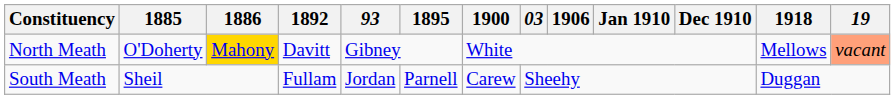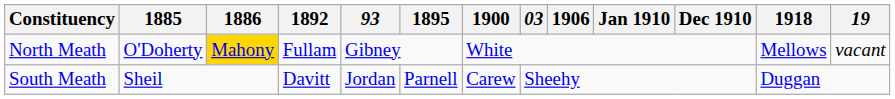 <table class="wikitable">
 <tr>
 <th>Constituency</th>
 <th>1885</th>
 <th>1886</th>
 <th>1892</th>
 <th><em>93</em></th>
 <th>1895</th>
 <th>1900</th>
 <th><em>03</em></th>
 <th>1906</th>
 <th>Jan 1910</th>
 <th>Dec 1910</th>
 <th>1918</th>
 <th><em>19</em></th>
 </tr>
 <tr>
 <td><a href='#'>North Meath</a></td>
 <td><a href='#'>O'Doherty</a></td>
 <td style="background: gold;"><a href='#'>Mahony</a></td>
-<td><a href='#'>Davitt</a></td>
+<td><a href='#'>Fullam</a></td>
 <td colspan="2"><a href='#'>Gibney</a></td>
 <td colspan="5"><a href='#'>White</a></td>
 <td><a href='#'>Mellows</a></td>
-<td style="background: lightsalmon;"><em>vacant</em></td>
+<td><em>vacant</em></td>
 </tr>
 <tr>
 <td><a href='#'>South Meath</a></td>
 <td colspan="2"><a href='#'>Sheil</a></td>
-<td><a href='#'>Fullam</a></td>
+<td><a href='#'>Davitt</a></td>
 <td><a href='#'>Jordan</a></td>
 <td><a href='#'>Parnell</a></td>
 <td><a href='#'>Carew</a></td>
 <td colspan="4"><a href='#'>Sheehy</a></td>
 <td colspan="2"><a href='#'>Duggan</a></td>
 </tr>
 </table>
